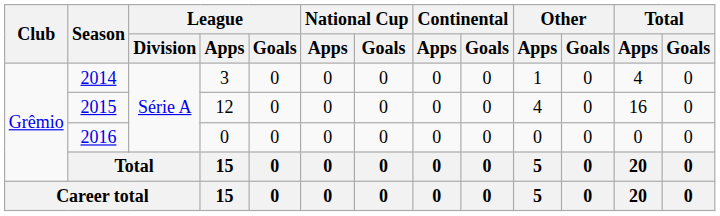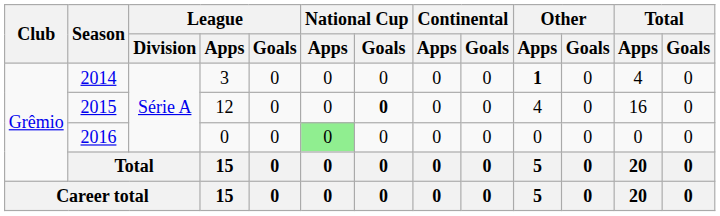 <table class="wikitable" style="font-size:96%; text-align: center;">
 <tr>
 <th rowspan="2">Club</th>
 <th rowspan="2">Season</th>
 <th colspan="3">League</th>
 <th colspan="2">National Cup</th>
 <th colspan="2">Continental</th>
 <th colspan="2">Other</th>
 <th colspan="2">Total</th>
 </tr>
 <tr>
 <th>Division</th>
 <th>Apps</th>
 <th>Goals</th>
 <th>Apps</th>
 <th>Goals</th>
 <th>Apps</th>
 <th>Goals</th>
 <th>Apps</th>
 <th>Goals</th>
 <th>Apps</th>
 <th>Goals</th>
 </tr>
 <tr>
 <td rowspan="4" valign="center"><a href='#'>Grêmio</a></td>
 <td><a href='#'>2014</a></td>
 <td rowspan="3"><a href='#'>Série A</a></td>
 <td>3</td>
 <td>0</td>
 <td>0</td>
 <td>0</td>
 <td>0</td>
 <td>0</td>
-<td>1</td>
+<td><strong>1</strong></td>
 <td>0</td>
 <td>4</td>
 <td>0</td>
 </tr>
 <tr>
 <td><a href='#'>2015</a></td>
 <td>12</td>
 <td>0</td>
 <td>0</td>
-<td>0</td>
+<td><strong>0</strong></td>
 <td>0</td>
 <td>0</td>
 <td>4</td>
 <td>0</td>
 <td>16</td>
 <td>0</td>
 </tr>
 <tr>
 <td><a href='#'>2016</a></td>
 <td>0</td>
 <td>0</td>
-<td>0</td>
+<td style="background: lightgreen;">0</td>
 <td>0</td>
 <td>0</td>
 <td>0</td>
 <td>0</td>
 <td>0</td>
 <td>0</td>
 <td>0</td>
 </tr>
 <tr>
 <th colspan="2">Total</th>
 <th>15</th>
 <th>0</th>
 <th>0</th>
 <th>0</th>
 <th>0</th>
 <th>0</th>
 <th>5</th>
 <th>0</th>
 <th>20</th>
 <th>0</th>
 </tr>
 <tr>
 <th colspan="3">Career total</th>
 <th>15</th>
 <th>0</th>
 <th>0</th>
 <th>0</th>
 <th>0</th>
 <th>0</th>
 <th>5</th>
 <th>0</th>
 <th>20</th>
 <th>0</th>
 </tr>
 </table>
